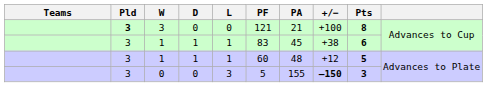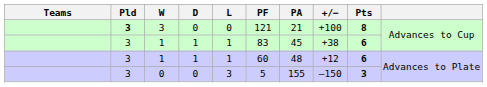 <table class="wikitable" style="text-align: center;">
 <tr>
 <th width="140">Teams</th>
 <th width="40">Pld</th>
 <th width="40">W</th>
 <th width="40">D</th>
 <th width="40">L</th>
 <th width="40">PF</th>
 <th width="40">PA</th>
 <th width="40">+/−</th>
 <th width="40">Pts</th>
 <th></th>
 </tr>
 <tr bgcolor="ccffcc">
 <td align="left"></td>
 <td><strong>3</strong></td>
 <td>3</td>
 <td>0</td>
 <td>0</td>
 <td>121</td>
 <td>21</td>
 <td>+100</td>
 <td><strong>8</strong></td>
 <td rowspan="2">Advances to Cup</td>
 </tr>
 <tr bgcolor="ccffcc">
 <td align="left"></td>
 <td>3</td>
 <td>1</td>
 <td>1</td>
 <td>1</td>
 <td>83</td>
 <td>45</td>
 <td>+38</td>
 <td><strong>6</strong></td>
 </tr>
 <tr bgcolor="ccccff">
 <td align="left"></td>
 <td>3</td>
 <td>1</td>
 <td>1</td>
 <td>1</td>
 <td>60</td>
 <td>48</td>
 <td>+12</td>
-<td><strong>5</strong></td>
+<td><strong>6</strong></td>
 <td rowspan="2">Advances to Plate</td>
 </tr>
 <tr bgcolor="ccccff">
 <td align="left"></td>
 <td>3</td>
 <td>0</td>
 <td>0</td>
 <td>3</td>
 <td>5</td>
 <td>155</td>
-<td><strong>–150</strong></td>
+<td>–150</td>
 <td><strong>3</strong></td>
 </tr>
 </table>
